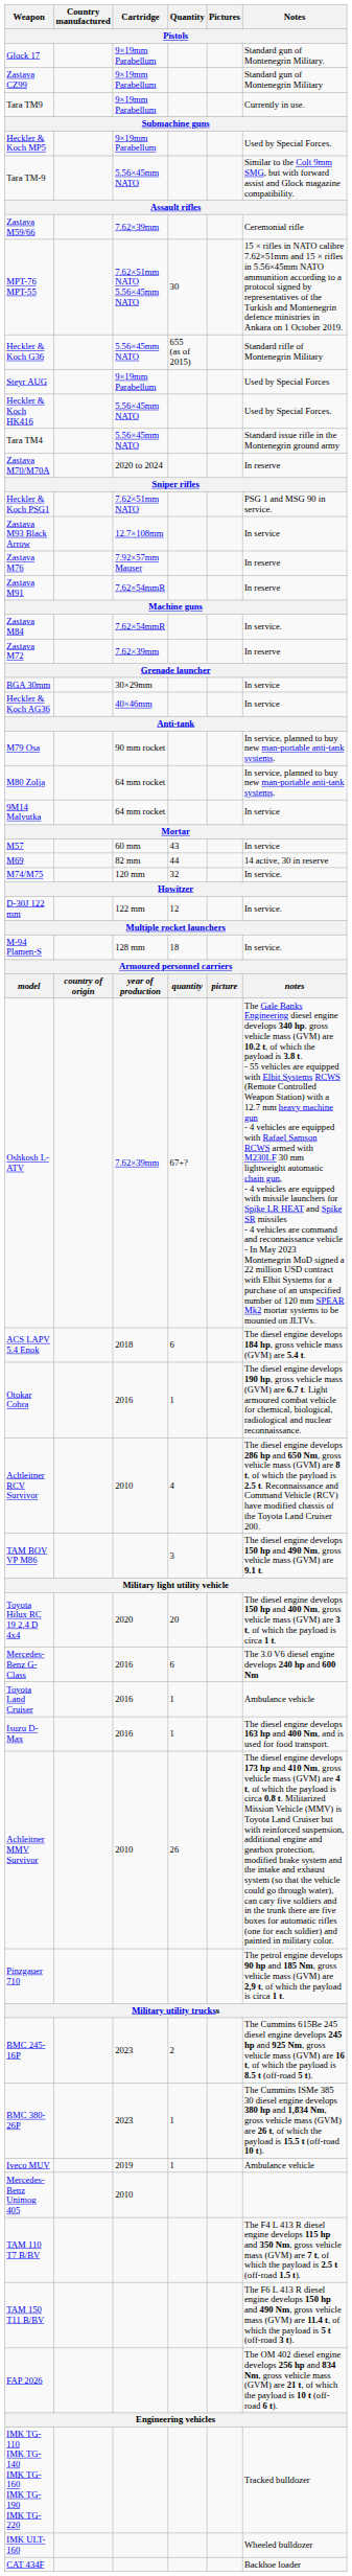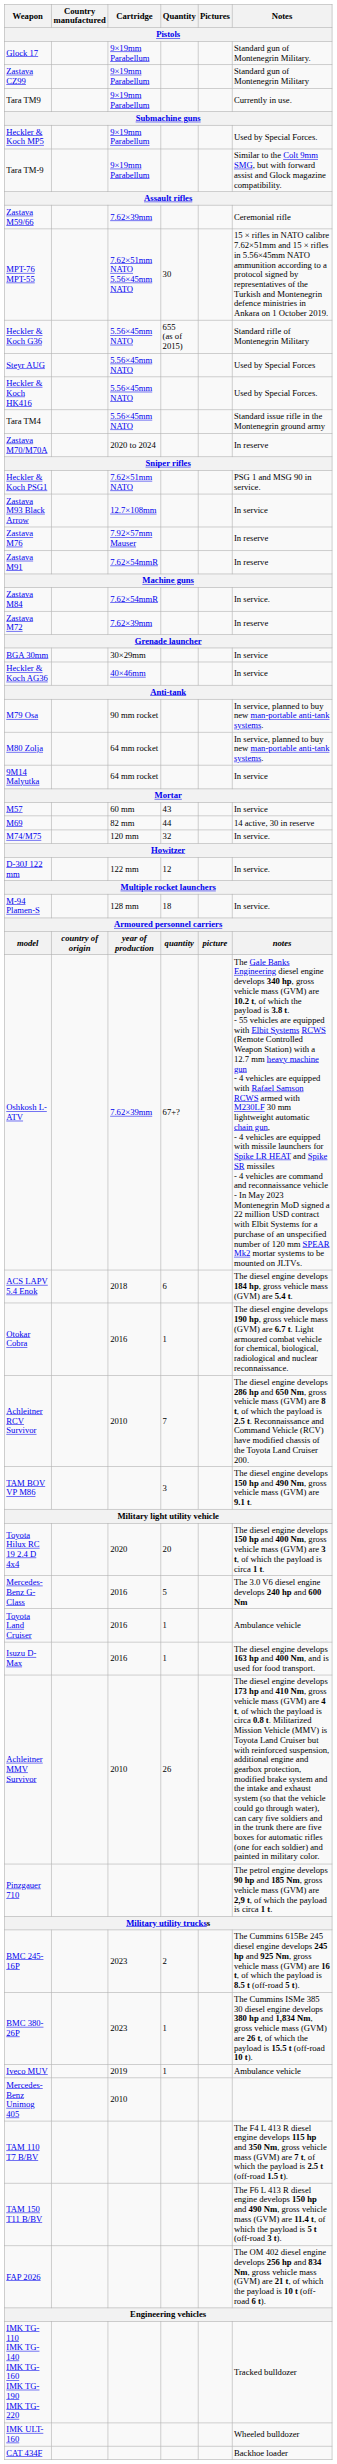 <table class="wikitable">
 <tr>
 <th>Weapon</th>
 <th>Country manufactured</th>
 <th>Cartridge</th>
 <th>Quantity</th>
 <th>Pictures</th>
 <th>Notes</th>
 </tr>
 <tr>
 <th colspan="9"><a href='#'>Pistols</a></th>
 </tr>
 <tr>
 <td><a href='#'>Glock 17</a></td>
 <td></td>
 <td><a href='#'>9×19mm Parabellum</a></td>
 <td></td>
 <td></td>
 <td>Standard gun of Montenegrin Military.</td>
 </tr>
 <tr>
 <td><a href='#'>Zastava CZ99</a></td>
 <td></td>
 <td><a href='#'>9×19mm Parabellum</a></td>
 <td></td>
 <td></td>
 <td>Standard gun of Montenegrin Military</td>
 </tr>
 <tr>
 <td>Tara TM9</td>
 <td></td>
 <td><a href='#'>9×19mm Parabellum</a></td>
 <td></td>
 <td></td>
 <td>Currently in use.</td>
 </tr>
 <tr>
 <th colspan="9"><a href='#'>Submachine guns</a></th>
 </tr>
 <tr>
 <td><a href='#'>Heckler & Koch MP5</a></td>
 <td></td>
 <td><a href='#'>9×19mm Parabellum</a></td>
 <td></td>
 <td></td>
 <td>Used by Special Forces.</td>
 </tr>
 <tr>
 <td>Tara TM-9</td>
 <td></td>
-<td><a href='#'>5.56×45mm NATO</a></td>
+<td><a href='#'>9×19mm Parabellum</a></td>
 <td></td>
 <td></td>
 <td>Similar to the <a href='#'>Colt 9mm SMG</a>, but with forward assist and Glock magazine compatibility.</td>
 </tr>
 <tr>
 <th colspan="9"><a href='#'>Assault rifles</a></th>
 </tr>
 <tr>
 <td><a href='#'>Zastava M59/66</a></td>
 <td></td>
 <td><a href='#'>7.62×39mm</a></td>
 <td></td>
 <td></td>
 <td>Ceremonial rifle</td>
 </tr>
 <tr>
 <td><a href='#'>MPT-76</a><br><a href='#'>MPT-55</a></td>
 <td></td>
 <td><a href='#'>7.62×51mm NATO</a><br><a href='#'>5.56×45mm NATO</a></td>
 <td>30</td>
 <td></td>
 <td>15 × rifles in NATO calibre 7.62×51mm and 15 × rifles in 5.56×45mm NATO ammunition according to a protocol signed by representatives of the Turkish and Montenegrin defence ministries in Ankara on 1 October 2019.</td>
 </tr>
 <tr>
 <td><a href='#'>Heckler & Koch G36</a></td>
 <td></td>
 <td><a href='#'>5.56×45mm NATO</a></td>
 <td>655<br>(as of 2015)</td>
 <td></td>
 <td>Standard rifle of Montenegrin Military</td>
 </tr>
 <tr>
 <td><a href='#'>Steyr AUG</a></td>
 <td></td>
-<td><a href='#'>9×19mm Parabellum</a></td>
+<td><a href='#'>5.56×45mm NATO</a></td>
 <td></td>
 <td></td>
 <td>Used by Special Forces</td>
 </tr>
 <tr>
 <td><a href='#'>Heckler & Koch HK416</a></td>
 <td></td>
 <td><a href='#'>5.56×45mm NATO</a></td>
 <td></td>
 <td></td>
 <td>Used by Special Forces.</td>
 </tr>
 <tr>
 <td>Tara TM4</td>
 <td></td>
 <td><a href='#'>5.56×45mm NATO</a></td>
 <td></td>
 <td></td>
 <td>Standard issue rifle in the Montenegrin ground army</td>
 </tr>
 <tr>
 <td><a href='#'>Zastava M70/M70A</a></td>
 <td><br></td>
 <td>2020 to 2024</td>
 <td></td>
 <td></td>
 <td>In reserve</td>
 </tr>
 <tr>
 <th colspan="9"><a href='#'>Sniper rifles</a></th>
 </tr>
 <tr>
 <td><a href='#'>Heckler & Koch PSG1</a></td>
 <td></td>
 <td><a href='#'>7.62×51mm NATO</a></td>
 <td></td>
 <td></td>
 <td>PSG 1 and MSG 90 in service.</td>
 </tr>
 <tr>
 <td><a href='#'>Zastava M93 Black Arrow</a></td>
 <td><br></td>
 <td><a href='#'>12.7×108mm</a></td>
 <td></td>
 <td></td>
 <td>In service</td>
 </tr>
 <tr>
 <td><a href='#'>Zastava M76</a></td>
 <td><br></td>
 <td><a href='#'>7.92×57mm Mauser</a></td>
 <td></td>
 <td></td>
 <td>In reserve</td>
 </tr>
 <tr>
 <td><a href='#'>Zastava M91</a></td>
 <td><br></td>
 <td><a href='#'>7.62×54mmR</a></td>
 <td></td>
 <td></td>
 <td>In reserve</td>
 </tr>
 <tr>
 <th colspan="9"><a href='#'>Machine guns</a></th>
 </tr>
 <tr>
 <td><a href='#'>Zastava M84</a></td>
 <td><br></td>
 <td><a href='#'>7.62×54mmR</a></td>
 <td></td>
 <td></td>
 <td>In service.</td>
 </tr>
 <tr>
 <td><a href='#'>Zastava M72</a></td>
 <td><br></td>
 <td><a href='#'>7.62×39mm</a></td>
 <td></td>
 <td></td>
 <td>In reserve</td>
 </tr>
 <tr>
 <th colspan="9"><a href='#'>Grenade launcher</a></th>
 </tr>
 <tr>
 <td><a href='#'>BGA 30mm</a></td>
 <td></td>
 <td>30×29mm</td>
 <td></td>
 <td></td>
 <td>In service</td>
 </tr>
 <tr>
 <td><a href='#'>Heckler & Koch AG36</a></td>
 <td></td>
 <td><a href='#'>40×46mm</a></td>
 <td></td>
 <td></td>
 <td>In service</td>
 </tr>
 <tr>
 <th colspan="9"><a href='#'>Anti-tank</a></th>
 </tr>
 <tr>
 <td><a href='#'>M79 Osa</a></td>
 <td></td>
 <td>90 mm rocket</td>
 <td></td>
 <td></td>
 <td>In service, planned to buy new <a href='#'>man-portable anti-tank systems</a>.</td>
 </tr>
 <tr>
 <td><a href='#'>M80 Zolja</a></td>
 <td></td>
 <td>64 mm rocket</td>
 <td></td>
 <td></td>
 <td>In service, planned to buy new <a href='#'>man-portable anti-tank systems</a>.</td>
 </tr>
 <tr>
 <td><a href='#'>9M14 Malyutka</a></td>
 <td><br></td>
 <td>64 mm rocket</td>
 <td></td>
 <td></td>
 <td>In service</td>
 </tr>
 <tr>
 <th colspan="8"><a href='#'>Mortar</a></th>
 </tr>
 <tr>
 <td><a href='#'>M57</a></td>
 <td></td>
 <td>60 mm</td>
 <td>43</td>
 <td></td>
 <td>In service</td>
 </tr>
 <tr>
 <td><a href='#'>M69</a></td>
 <td></td>
 <td>82 mm</td>
 <td>44</td>
 <td></td>
 <td>14 active, 30 in reserve</td>
 </tr>
 <tr>
 <td><a href='#'>M74/M75</a></td>
 <td></td>
 <td>120 mm</td>
 <td>32</td>
 <td></td>
 <td>In service.</td>
 </tr>
 <tr>
 <th colspan="9"><a href='#'>Howitzer</a></th>
 </tr>
 <tr>
 <td><a href='#'>D-30J 122 mm</a></td>
 <td></td>
 <td>122 mm</td>
 <td>12</td>
 <td></td>
 <td>In service.</td>
 </tr>
 <tr>
 <th colspan="9" style="align: center;"><a href='#'>Multiple rocket launchers</a></th>
 </tr>
 <tr>
 <td><a href='#'>M-94 Plamen-S</a></td>
 <td></td>
 <td>128 mm</td>
 <td>18</td>
 <td></td>
 <td>In service.</td>
 </tr>
 <tr>
 <th colspan="9"><a href='#'>Armoured personnel carriers</a></th>
 </tr>
 <tr>
 <th><em>model</em></th>
 <th><em>country of origin</em></th>
 <th><em>year of production</em></th>
 <th><em>quantity</em></th>
 <th><em>picture</em></th>
 <th><em>notes</em></th>
 </tr>
 <tr>
 <td><a href='#'>Oshkosh L-ATV</a></td>
 <td><br></td>
 <td><a href='#'>7.62×39mm</a></td>
 <td>67+?</td>
 <td></td>
 <td>The <a href='#'>Gale Banks Engineering</a> diesel engine develops <strong>340 hp</strong>, gross vehicle mass (GVM) are <strong>10.2 t</strong>, of which the payload is <strong>3.8 t</strong>.<br>- 55 vehicles are equipped with <a href='#'>Elbit Systems</a> <a href='#'>RCWS</a> (Remote Controlled Weapon Station) with a 12.7 mm <a href='#'>heavy machine gun</a><br>- 4 vehicles are equipped with <a href='#'>Rafael Samson RCWS</a> armed with <a href='#'>M230LF</a> 30 mm lightweight automatic <a href='#'>chain gun</a>,<br>- 4 vehicles are equipped with missile launchers for <a href='#'>Spike LR HEAT</a> and <a href='#'>Spike SR</a> missiles<br>- 4 vehicles are command and reconnaissance vehicle<br>- In May 2023 Montenegrin MoD signed a 22 million USD contract with Elbit Systems for a purchase of an unspecified number of 120 mm <a href='#'>SPEAR Mk2</a> mortar systems to be mounted on JLTVs.</td>
 </tr>
 <tr>
 <td><a href='#'>ACS LAPV 5.4 Enok</a></td>
 <td></td>
 <td>2018</td>
 <td>6</td>
 <td><br></td>
 <td>The diesel engine develops <strong>184 hp</strong>, gross vehicle mass (GVM) are <strong>5.4 t</strong>.</td>
 </tr>
 <tr>
 <td><a href='#'>Otokar Cobra</a></td>
 <td></td>
 <td>2016</td>
 <td>1</td>
 <td></td>
 <td>The diesel engine develops <strong>190 hp</strong>, gross vehicle mass (GVM) are <strong>6.7 t</strong>. Light armoured combat vehicle for chemical, biological, radiological and nuclear reconnaissance.</td>
 </tr>
 <tr>
 <td><a href='#'>Achleitner RCV Survivor</a></td>
 <td></td>
 <td>2010</td>
-<td>4</td>
+<td>7</td>
 <td><br></td>
 <td>The diesel engine develops <strong>286 hp</strong> and <strong>650 Nm</strong>, gross vehicle mass (GVM) are <strong>8 t</strong>, of which the payload is <strong>2.5 t</strong>. Reconnaissance and Command Vehicle (RCV) have modified chassis of the Toyota Land Cruiser 200.</td>
 </tr>
 <tr>
 <td><a href='#'>TAM BOV VP М86</a></td>
 <td></td>
 <td></td>
 <td>3</td>
 <td></td>
 <td>The diesel engine develops <strong>150 hp</strong> and <strong>490 Nm</strong>, gross vehicle mass (GVM) are <strong>9.1 t</strong>.</td>
 </tr>
 <tr>
 <th colspan="9" style="align: center;"><strong>Military light utility vehicle</strong></th>
 </tr>
 <tr>
 <td><a href='#'>Toyota Hilux RC 19 2.4 D 4x4</a></td>
 <td></td>
 <td>2020</td>
 <td>20</td>
 <td></td>
 <td>The diesel engine develops <strong>150 hp</strong> and <strong>400 Nm</strong>, gross vehicle mass (GVM) are <strong>3 t</strong>, of which the payload is circa <strong>1 t</strong>.</td>
 </tr>
 <tr>
 <td><a href='#'>Mercedes-Benz G-Class</a><strong></strong></td>
 <td></td>
 <td>2016</td>
-<td>6</td>
+<td>5</td>
 <td></td>
 <td>The 3.0 V6 diesel engine develops <strong>240 hp</strong> and <strong>600 Nm</strong></td>
 </tr>
 <tr>
 <td><a href='#'>Toyota Land Cruiser</a></td>
 <td></td>
 <td>2016</td>
 <td>1</td>
 <td></td>
 <td>Ambulance vehicle</td>
 </tr>
 <tr>
 <td><a href='#'>Isuzu D-Max</a></td>
 <td></td>
 <td>2016</td>
 <td>1</td>
 <td></td>
 <td>The diesel engine develops <strong>163 hp</strong> and <strong>400 Nm</strong>, and is used for food transport.</td>
 </tr>
 <tr>
 <td><a href='#'>Achleitner MMV Survivor</a></td>
 <td></td>
 <td>2010</td>
 <td>26</td>
 <td></td>
 <td>The diesel engine develops <strong>173 hp</strong> and <strong>410 Nm</strong>, gross vehicle mass (GVM) are <strong>4 t</strong>, of which the payload is circa <strong>0.8 t</strong>. Militarized Mission Vehicle (MMV) is Toyota Land Cruiser but with reinforced suspension, additional engine and gearbox protection, modified brake system and the intake and exhaust system (so that the vehicle could go through water), can cary five soldiers and in the trunk there are five boxes for automatic rifles (one for each soldier) and painted in military color.</td>
 </tr>
 <tr>
 <td><a href='#'>Pinzgauer 710</a></td>
 <td></td>
 <td></td>
 <td></td>
 <td></td>
 <td>The petrol engine develops <strong>90 hp</strong> and <strong>185 Nm</strong>, gross vehicle mass (GVM) are <strong>2,9 t</strong>, of which the payload is circa <strong>1 t</strong>.</td>
 </tr>
 <tr>
 <th colspan="9"><a href='#'>Military utility trucks</a>s</th>
 </tr>
 <tr>
 <td><a href='#'>BMC 245-16P</a></td>
 <td></td>
 <td>2023</td>
 <td>2</td>
 <td></td>
 <td>The Cummins 615Be 245 diesel engine develops <strong>245 hp</strong> and <strong>925 Nm</strong>, gross vehicle mass (GVM) are <strong>16 t</strong>, of which the payload is <strong>8.5 t</strong> (off-road <strong>5 t</strong>).</td>
 </tr>
 <tr>
 <td><a href='#'>BMC 380-26P</a></td>
 <td></td>
 <td>2023</td>
 <td>1</td>
 <td></td>
 <td>The Cummins ISMe 385 30 diesel engine develops <strong>380 hp</strong> and <strong>1,834 Nm</strong>, gross vehicle mass (GVM) are <strong>26 t</strong>, of which the payload is <strong>15.5 t</strong> (off-road <strong>10 t</strong>).</td>
 </tr>
 <tr>
 <td><a href='#'>Iveco MUV</a></td>
 <td></td>
 <td>2019</td>
 <td>1</td>
 <td></td>
 <td>Ambulance vehicle</td>
 </tr>
 <tr>
 <td><a href='#'>Mercedes-Benz Unimog 405</a></td>
 <td></td>
 <td>2010</td>
 <td></td>
 <td></td>
 <td></td>
 </tr>
 <tr>
 <td><a href='#'>TAM 110 T7 B/BV</a></td>
 <td></td>
 <td></td>
 <td></td>
 <td></td>
 <td>The F4 L 413 R diesel engine develops <strong>115 hp</strong> and <strong>350 Nm</strong>, gross vehicle mass (GVM) are <strong>7 t</strong>, of which the payload is <strong>2.5 t</strong> (off-road <strong>1.5 t</strong>).</td>
 </tr>
 <tr>
 <td><a href='#'>TAM 150 T11 B/BV</a></td>
 <td></td>
 <td></td>
 <td></td>
 <td></td>
 <td>The F6 L 413 R diesel engine develops <strong>150 hp</strong> and <strong>490 Nm</strong>, gross vehicle mass (GVM) are <strong>11.4 t</strong>, of which the payload is <strong>5 t</strong> (off-road <strong>3 t</strong>).</td>
 </tr>
 <tr>
 <td><a href='#'>FAP 2026</a></td>
 <td></td>
 <td></td>
 <td></td>
 <td></td>
 <td>The OM 402 diesel engine develops <strong>256 hp</strong> and <strong>834 Nm</strong>, gross vehicle mass (GVM) are <strong>21 t</strong>, of which the payload is <strong>10 t</strong> (off-road <strong>6 t</strong>).</td>
 </tr>
 <tr>
 <th colspan="9">Engineering vehicles</th>
 </tr>
 <tr>
 <td><a href='#'>IMK TG-110<br>IMK TG-140<br>IMK TG-160<br>IMK TG-190<br>IMK TG-220</a></td>
 <td></td>
 <td></td>
 <td></td>
 <td></td>
 <td>Tracked bulldozer</td>
 </tr>
 <tr>
 <td><a href='#'>IMK ULT-160</a></td>
 <td></td>
 <td></td>
 <td></td>
 <td></td>
 <td>Wheeled bulldozer</td>
 </tr>
 <tr>
 <td><a href='#'>CAT 434F</a></td>
 <td></td>
 <td></td>
 <td></td>
 <td></td>
 <td>Backhoe loader</td>
 </tr>
 </table>
